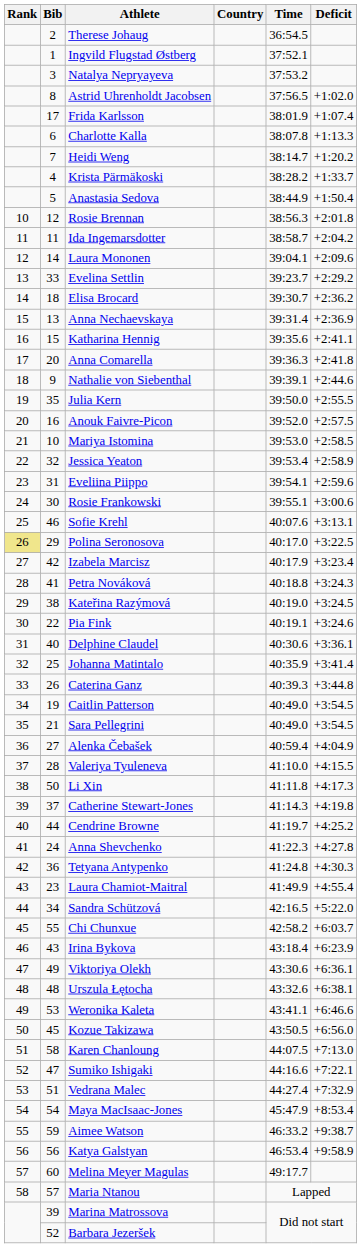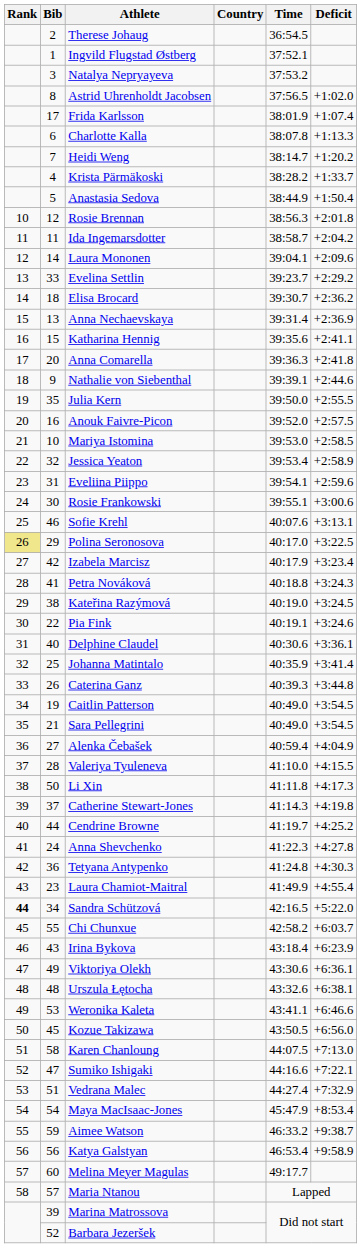 <table class="wikitable sortable" style="text-align:center">
 <tr>
 <th>Rank</th>
 <th>Bib</th>
 <th>Athlete</th>
 <th>Country</th>
 <th>Time</th>
 <th>Deficit</th>
 </tr>
 <tr>
 <td></td>
 <td>2</td>
 <td align=left><a href='#'>Therese Johaug</a></td>
 <td align=left></td>
 <td>36:54.5</td>
 <td></td>
 </tr>
 <tr>
 <td></td>
 <td>1</td>
 <td align=left><a href='#'>Ingvild Flugstad Østberg</a></td>
 <td align=left></td>
 <td>37:52.1</td>
 <td></td>
 </tr>
 <tr>
 <td></td>
 <td>3</td>
 <td align=left><a href='#'>Natalya Nepryayeva</a></td>
 <td align=left></td>
 <td>37:53.2</td>
 <td></td>
 </tr>
 <tr>
 <td></td>
 <td>8</td>
 <td align=left><a href='#'>Astrid Uhrenholdt Jacobsen</a></td>
 <td align=left></td>
 <td>37:56.5</td>
 <td>+1:02.0</td>
 </tr>
 <tr>
 <td></td>
 <td>17</td>
 <td align=left><a href='#'>Frida Karlsson</a></td>
 <td align=left></td>
 <td>38:01.9</td>
 <td>+1:07.4</td>
 </tr>
 <tr>
 <td></td>
 <td>6</td>
 <td align=left><a href='#'>Charlotte Kalla</a></td>
 <td align=left></td>
 <td>38:07.8</td>
 <td>+1:13.3</td>
 </tr>
 <tr>
 <td></td>
 <td>7</td>
 <td align=left><a href='#'>Heidi Weng</a></td>
 <td align=left></td>
 <td>38:14.7</td>
 <td>+1:20.2</td>
 </tr>
 <tr>
 <td></td>
 <td>4</td>
 <td align=left><a href='#'>Krista Pärmäkoski</a></td>
 <td align=left></td>
 <td>38:28.2</td>
 <td>+1:33.7</td>
 </tr>
 <tr>
 <td></td>
 <td>5</td>
 <td align=left><a href='#'>Anastasia Sedova</a></td>
 <td align=left></td>
 <td>38:44.9</td>
 <td>+1:50.4</td>
 </tr>
 <tr>
 <td>10</td>
 <td>12</td>
 <td align=left><a href='#'>Rosie Brennan</a></td>
 <td align=left></td>
 <td>38:56.3</td>
 <td>+2:01.8</td>
 </tr>
 <tr>
 <td>11</td>
 <td>11</td>
 <td align=left><a href='#'>Ida Ingemarsdotter</a></td>
 <td align=left></td>
 <td>38:58.7</td>
 <td>+2:04.2</td>
 </tr>
 <tr>
 <td>12</td>
 <td>14</td>
 <td align=left><a href='#'>Laura Mononen</a></td>
 <td align=left></td>
 <td>39:04.1</td>
 <td>+2:09.6</td>
 </tr>
 <tr>
 <td>13</td>
 <td>33</td>
 <td align=left><a href='#'>Evelina Settlin</a></td>
 <td align=left></td>
 <td>39:23.7</td>
 <td>+2:29.2</td>
 </tr>
 <tr>
 <td>14</td>
 <td>18</td>
 <td align=left><a href='#'>Elisa Brocard</a></td>
 <td align=left></td>
 <td>39:30.7</td>
 <td>+2:36.2</td>
 </tr>
 <tr>
 <td>15</td>
 <td>13</td>
 <td align=left><a href='#'>Anna Nechaevskaya</a></td>
 <td align=left></td>
 <td>39:31.4</td>
 <td>+2:36.9</td>
 </tr>
 <tr>
 <td>16</td>
 <td>15</td>
 <td align=left><a href='#'>Katharina Hennig</a></td>
 <td align=left></td>
 <td>39:35.6</td>
 <td>+2:41.1</td>
 </tr>
 <tr>
 <td>17</td>
 <td>20</td>
 <td align=left><a href='#'>Anna Comarella</a></td>
 <td align=left></td>
 <td>39:36.3</td>
 <td>+2:41.8</td>
 </tr>
 <tr>
 <td>18</td>
 <td>9</td>
 <td align=left><a href='#'>Nathalie von Siebenthal</a></td>
 <td align=left></td>
 <td>39:39.1</td>
 <td>+2:44.6</td>
 </tr>
 <tr>
 <td>19</td>
 <td>35</td>
 <td align=left><a href='#'>Julia Kern</a></td>
 <td align=left></td>
 <td>39:50.0</td>
 <td>+2:55.5</td>
 </tr>
 <tr>
 <td>20</td>
 <td>16</td>
 <td align=left><a href='#'>Anouk Faivre-Picon</a></td>
 <td align=left></td>
 <td>39:52.0</td>
 <td>+2:57.5</td>
 </tr>
 <tr>
 <td>21</td>
 <td>10</td>
 <td align=left><a href='#'>Mariya Istomina</a></td>
 <td align=left></td>
 <td>39:53.0</td>
 <td>+2:58.5</td>
 </tr>
 <tr>
 <td>22</td>
 <td>32</td>
 <td align=left><a href='#'>Jessica Yeaton</a></td>
 <td align=left></td>
 <td>39:53.4</td>
 <td>+2:58.9</td>
 </tr>
 <tr>
 <td>23</td>
 <td>31</td>
 <td align=left><a href='#'>Eveliina Piippo</a></td>
 <td align=left></td>
 <td>39:54.1</td>
 <td>+2:59.6</td>
 </tr>
 <tr>
 <td>24</td>
 <td>30</td>
 <td align=left><a href='#'>Rosie Frankowski</a></td>
 <td align=left></td>
 <td>39:55.1</td>
 <td>+3:00.6</td>
 </tr>
 <tr>
 <td>25</td>
 <td>46</td>
 <td align=left><a href='#'>Sofie Krehl</a></td>
 <td align=left></td>
 <td>40:07.6</td>
 <td>+3:13.1</td>
 </tr>
 <tr>
 <td style="background: khaki;">26</td>
 <td>29</td>
 <td align=left><a href='#'>Polina Seronosova</a></td>
 <td align=left></td>
 <td>40:17.0</td>
 <td>+3:22.5</td>
 </tr>
 <tr>
 <td>27</td>
 <td>42</td>
 <td align=left><a href='#'>Izabela Marcisz</a></td>
 <td align=left></td>
 <td>40:17.9</td>
 <td>+3:23.4</td>
 </tr>
 <tr>
 <td>28</td>
 <td>41</td>
 <td align=left><a href='#'>Petra Nováková</a></td>
 <td align=left></td>
 <td>40:18.8</td>
 <td>+3:24.3</td>
 </tr>
 <tr>
 <td>29</td>
 <td>38</td>
 <td align=left><a href='#'>Kateřina Razýmová</a></td>
 <td align=left></td>
 <td>40:19.0</td>
 <td>+3:24.5</td>
 </tr>
 <tr>
 <td>30</td>
 <td>22</td>
 <td align=left><a href='#'>Pia Fink</a></td>
 <td align=left></td>
 <td>40:19.1</td>
 <td>+3:24.6</td>
 </tr>
 <tr>
 <td>31</td>
 <td>40</td>
 <td align=left><a href='#'>Delphine Claudel</a></td>
 <td align=left></td>
 <td>40:30.6</td>
 <td>+3:36.1</td>
 </tr>
 <tr>
 <td>32</td>
 <td>25</td>
 <td align=left><a href='#'>Johanna Matintalo</a></td>
 <td align=left></td>
 <td>40:35.9</td>
 <td>+3:41.4</td>
 </tr>
 <tr>
 <td>33</td>
 <td>26</td>
 <td align=left><a href='#'>Caterina Ganz</a></td>
 <td align=left></td>
 <td>40:39.3</td>
 <td>+3:44.8</td>
 </tr>
 <tr>
 <td>34</td>
 <td>19</td>
 <td align=left><a href='#'>Caitlin Patterson</a></td>
 <td align=left></td>
 <td>40:49.0</td>
 <td>+3:54.5</td>
 </tr>
 <tr>
 <td>35</td>
 <td>21</td>
 <td align=left><a href='#'>Sara Pellegrini</a></td>
 <td align=left></td>
 <td>40:49.0</td>
 <td>+3:54.5</td>
 </tr>
 <tr>
 <td>36</td>
 <td>27</td>
 <td align=left><a href='#'>Alenka Čebašek</a></td>
 <td align=left></td>
 <td>40:59.4</td>
 <td>+4:04.9</td>
 </tr>
 <tr>
 <td>37</td>
 <td>28</td>
 <td align=left><a href='#'>Valeriya Tyuleneva</a></td>
 <td align=left></td>
 <td>41:10.0</td>
 <td>+4:15.5</td>
 </tr>
 <tr>
 <td>38</td>
 <td>50</td>
 <td align=left><a href='#'>Li Xin</a></td>
 <td align=left></td>
 <td>41:11.8</td>
 <td>+4:17.3</td>
 </tr>
 <tr>
 <td>39</td>
 <td>37</td>
 <td align=left><a href='#'>Catherine Stewart-Jones</a></td>
 <td align=left></td>
 <td>41:14.3</td>
 <td>+4:19.8</td>
 </tr>
 <tr>
 <td>40</td>
 <td>44</td>
 <td align=left><a href='#'>Cendrine Browne</a></td>
 <td align=left></td>
 <td>41:19.7</td>
 <td>+4:25.2</td>
 </tr>
 <tr>
 <td>41</td>
 <td>24</td>
 <td align=left><a href='#'>Anna Shevchenko</a></td>
 <td align=left></td>
 <td>41:22.3</td>
 <td>+4:27.8</td>
 </tr>
 <tr>
 <td>42</td>
 <td>36</td>
 <td align=left><a href='#'>Tetyana Antypenko</a></td>
 <td align=left></td>
 <td>41:24.8</td>
 <td>+4:30.3</td>
 </tr>
 <tr>
 <td>43</td>
 <td>23</td>
 <td align=left><a href='#'>Laura Chamiot-Maitral</a></td>
 <td align=left></td>
 <td>41:49.9</td>
 <td>+4:55.4</td>
 </tr>
 <tr>
-<td>44</td>
+<td><strong>44</strong></td>
 <td>34</td>
 <td align=left><a href='#'>Sandra Schützová</a></td>
 <td align=left></td>
 <td>42:16.5</td>
 <td>+5:22.0</td>
 </tr>
 <tr>
 <td>45</td>
 <td>55</td>
 <td align=left><a href='#'>Chi Chunxue</a></td>
 <td align=left></td>
 <td>42:58.2</td>
 <td>+6:03.7</td>
 </tr>
 <tr>
 <td>46</td>
 <td>43</td>
 <td align=left><a href='#'>Irina Bykova</a></td>
 <td align=left></td>
 <td>43:18.4</td>
 <td>+6:23.9</td>
 </tr>
 <tr>
 <td>47</td>
 <td>49</td>
 <td align=left><a href='#'>Viktoriya Olekh</a></td>
 <td align=left></td>
 <td>43:30.6</td>
 <td>+6:36.1</td>
 </tr>
 <tr>
 <td>48</td>
 <td>48</td>
 <td align=left><a href='#'>Urszula Łętocha</a></td>
 <td align=left></td>
 <td>43:32.6</td>
 <td>+6:38.1</td>
 </tr>
 <tr>
 <td>49</td>
 <td>53</td>
 <td align=left><a href='#'>Weronika Kaleta</a></td>
 <td align=left></td>
 <td>43:41.1</td>
 <td>+6:46.6</td>
 </tr>
 <tr>
 <td>50</td>
 <td>45</td>
 <td align=left><a href='#'>Kozue Takizawa</a></td>
 <td align=left></td>
 <td>43:50.5</td>
 <td>+6:56.0</td>
 </tr>
 <tr>
 <td>51</td>
 <td>58</td>
 <td align=left><a href='#'>Karen Chanloung</a></td>
 <td align=left></td>
 <td>44:07.5</td>
 <td>+7:13.0</td>
 </tr>
 <tr>
 <td>52</td>
 <td>47</td>
 <td align=left><a href='#'>Sumiko Ishigaki</a></td>
 <td align=left></td>
 <td>44:16.6</td>
 <td>+7:22.1</td>
 </tr>
 <tr>
 <td>53</td>
 <td>51</td>
 <td align=left><a href='#'>Vedrana Malec</a></td>
 <td align=left></td>
 <td>44:27.4</td>
 <td>+7:32.9</td>
 </tr>
 <tr>
 <td>54</td>
 <td>54</td>
 <td align=left><a href='#'>Maya MacIsaac-Jones</a></td>
 <td align=left></td>
 <td>45:47.9</td>
 <td>+8:53.4</td>
 </tr>
 <tr>
 <td>55</td>
 <td>59</td>
 <td align=left><a href='#'>Aimee Watson</a></td>
 <td align=left></td>
 <td>46:33.2</td>
 <td>+9:38.7</td>
 </tr>
 <tr>
 <td>56</td>
 <td>56</td>
 <td align=left><a href='#'>Katya Galstyan</a></td>
 <td align=left></td>
 <td>46:53.4</td>
 <td>+9:58.9</td>
 </tr>
 <tr>
 <td>57</td>
 <td>60</td>
 <td align=left><a href='#'>Melina Meyer Magulas</a></td>
 <td align=left></td>
 <td>49:17.7</td>
 <td></td>
 </tr>
 <tr>
 <td>58</td>
 <td>57</td>
 <td align=left><a href='#'>Maria Ntanou</a></td>
 <td align=left></td>
 <td colspan=2>Lapped</td>
 </tr>
 <tr>
 <td rowspan=2></td>
 <td>39</td>
 <td align=left><a href='#'>Marina Matrossova</a></td>
 <td align=left></td>
 <td colspan=2 rowspan=2>Did not start</td>
 </tr>
 <tr>
 <td>52</td>
 <td align=left><a href='#'>Barbara Jezeršek</a></td>
 <td align=left></td>
 </tr>
 </table>
